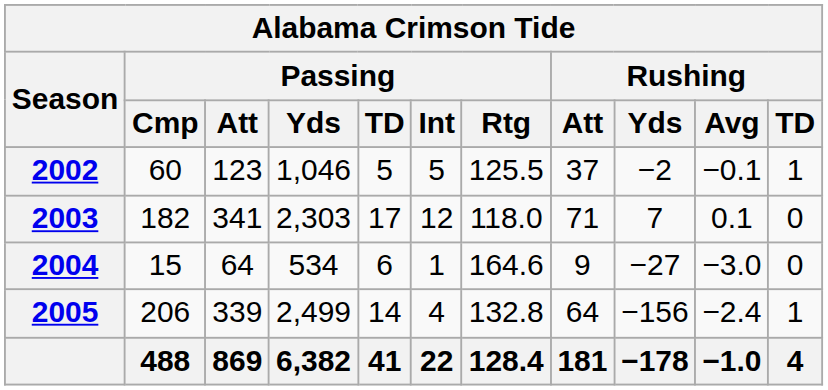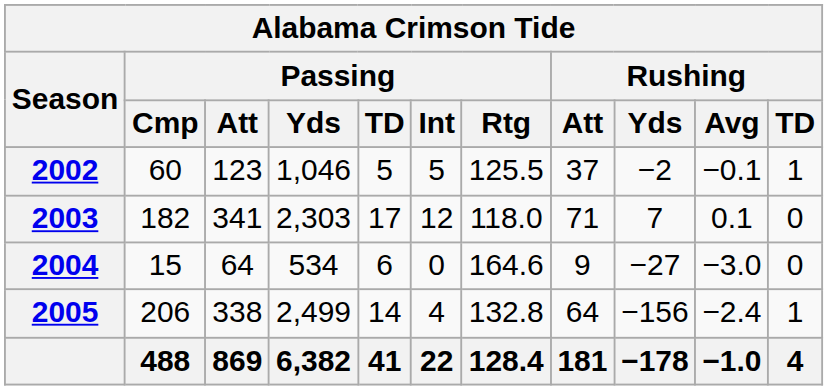 <table class=wikitable style="text-align:center;">
 <tr>
 <th colspan="15">Alabama Crimson Tide</th>
 </tr>
 <tr>
 <th rowspan="2">Season</th>
 <th colspan="6">Passing</th>
 <th colspan="4">Rushing</th>
 </tr>
 <tr>
 <th>Cmp</th>
 <th>Att</th>
 <th>Yds</th>
 <th>TD</th>
 <th>Int</th>
 <th>Rtg</th>
 <th>Att</th>
 <th>Yds</th>
 <th>Avg</th>
 <th>TD</th>
 </tr>
 <tr>
 <th><a href='#'>2002</a></th>
 <td>60</td>
 <td>123</td>
 <td>1,046</td>
 <td>5</td>
 <td>5</td>
 <td>125.5</td>
 <td>37</td>
 <td>−2</td>
 <td>−0.1</td>
 <td>1</td>
 </tr>
 <tr>
 <th><a href='#'>2003</a></th>
 <td>182</td>
 <td>341</td>
 <td>2,303</td>
 <td>17</td>
 <td>12</td>
 <td>118.0</td>
 <td>71</td>
 <td>7</td>
 <td>0.1</td>
 <td>0</td>
 </tr>
 <tr>
 <th><a href='#'>2004</a></th>
 <td>15</td>
 <td>64</td>
 <td>534</td>
 <td>6</td>
-<td>1</td>
+<td>0</td>
 <td>164.6</td>
 <td>9</td>
 <td>−27</td>
 <td>−3.0</td>
 <td>0</td>
 </tr>
 <tr>
 <th><a href='#'>2005</a></th>
 <td>206</td>
-<td>339</td>
+<td>338</td>
 <td>2,499</td>
 <td>14</td>
 <td>4</td>
 <td>132.8</td>
 <td>64</td>
 <td>−156</td>
 <td>−2.4</td>
 <td>1</td>
 </tr>
 <tr>
 <th></th>
 <th>488</th>
 <th>869</th>
 <th>6,382</th>
 <th>41</th>
 <th>22</th>
 <th>128.4</th>
 <th>181</th>
 <th>−178</th>
 <th>−1.0</th>
 <th>4</th>
 </tr>
 </table>
